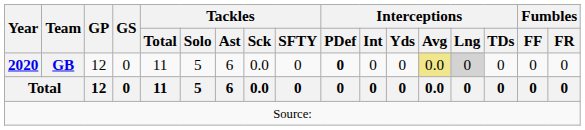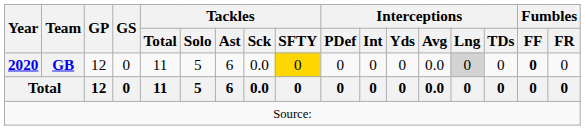 <table class="wikitable" style="text-align: center;">
 <tr>
 <th rowspan=2>Year</th>
 <th rowspan=2>Team</th>
 <th rowspan=2>GP</th>
 <th rowspan=2>GS</th>
 <th colspan=5>Tackles</th>
 <th colspan=6>Interceptions</th>
 <th colspan=2>Fumbles</th>
 </tr>
 <tr>
 <th>Total</th>
 <th>Solo</th>
 <th>Ast</th>
 <th>Sck</th>
 <th>SFTY</th>
 <th>PDef</th>
 <th>Int</th>
 <th>Yds</th>
 <th>Avg</th>
 <th>Lng</th>
 <th>TDs</th>
 <th>FF</th>
 <th>FR</th>
 </tr>
 <tr>
 <th><a href='#'>2020</a></th>
 <th><a href='#'>GB</a></th>
 <td>12</td>
 <td>0</td>
 <td>11</td>
 <td>5</td>
 <td>6</td>
 <td>0.0</td>
+<td style="background: gold;">0</td>
+<td>0</td>
+<td>0</td>
+<td>0</td>
+<td>0.0</td>
+<td style="background: lightgrey;">0</td>
 <td>0</td>
 <td><strong>0</strong></td>
-<td>0</td>
-<td>0</td>
-<td style="background: khaki;">0.0</td>
-<td style="background: lightgrey;">0</td>
-<td>0</td>
-<td>0</td>
 <td>0</td>
 </tr>
 <tr>
 <th colspan="2">Total</th>
 <th>12</th>
 <th>0</th>
 <th>11</th>
 <th>5</th>
 <th>6</th>
 <th>0.0</th>
 <th>0</th>
 <th>0</th>
 <th>0</th>
 <th>0</th>
 <th>0.0</th>
 <th>0</th>
 <th>0</th>
 <th>0</th>
 <th>0</th>
 </tr>
 <tr>
 <td colspan="17"><small>Source: </small></td>
 </tr>
 </table>
